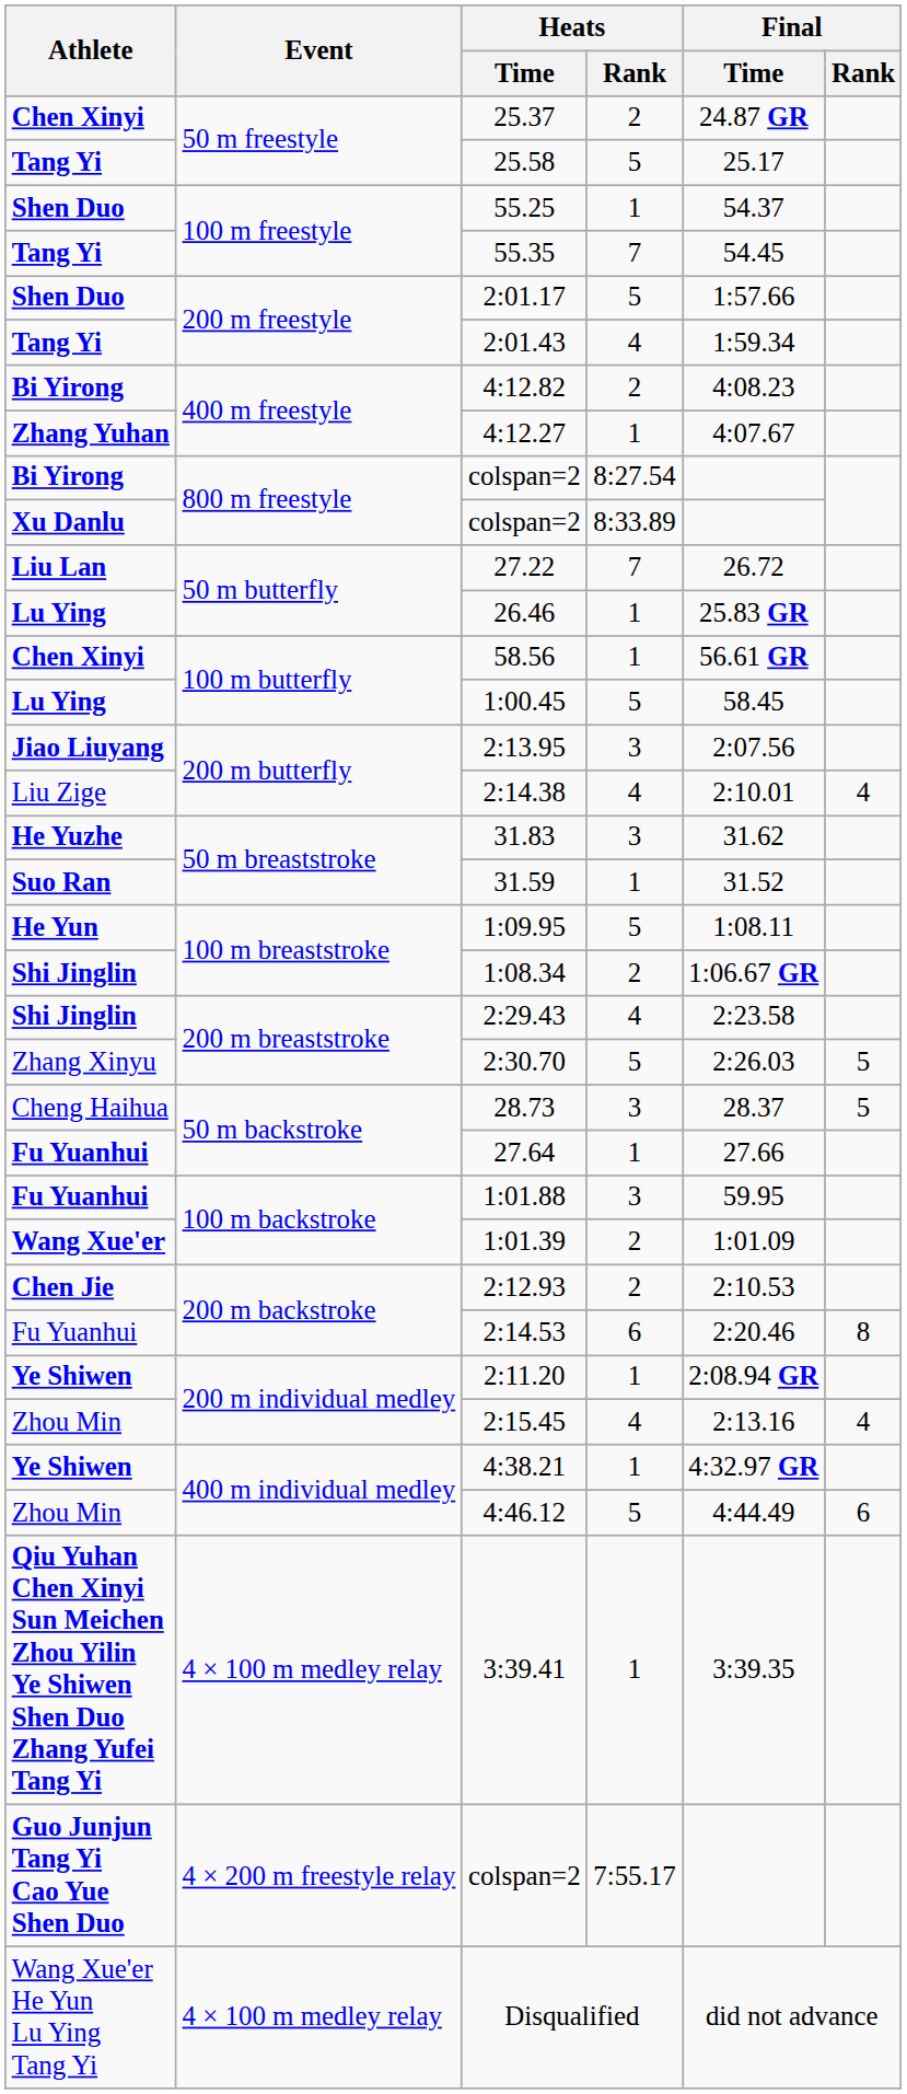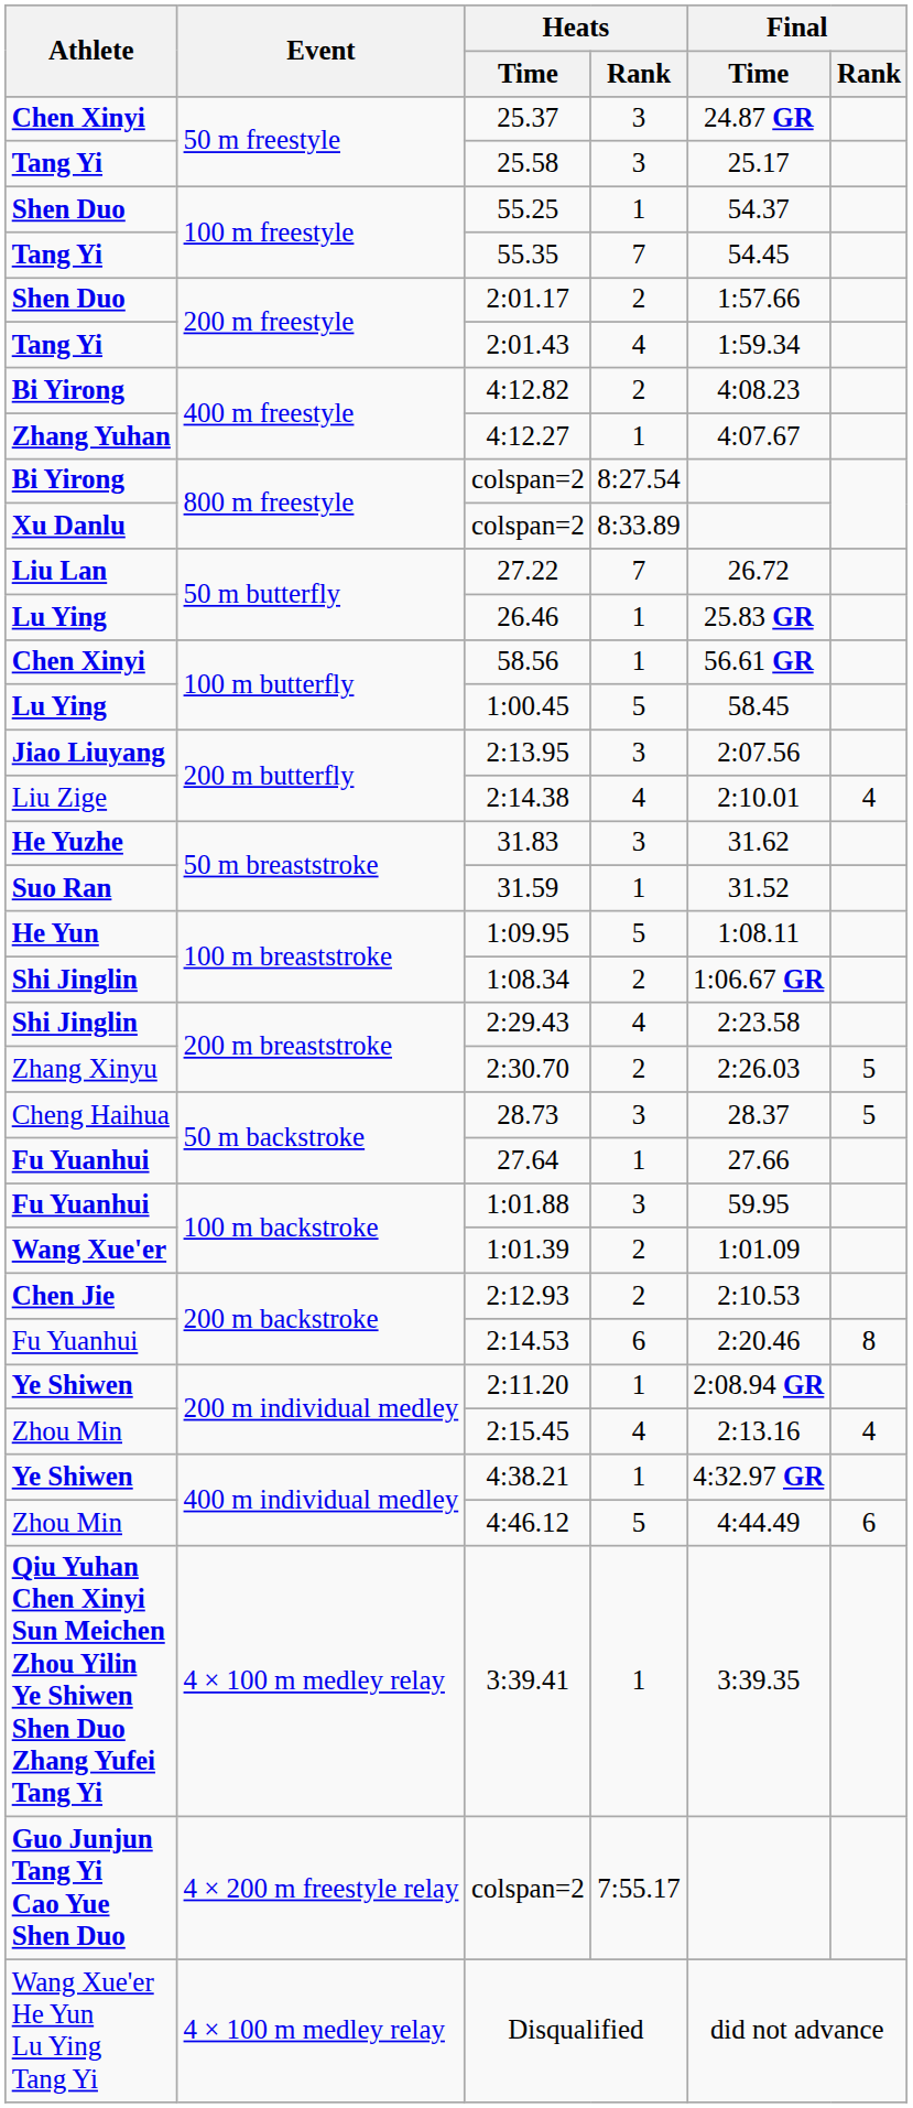 <table class="wikitable"style="text-align:center; font-size:90%">
 <tr>
 <th rowspan="2">Athlete</th>
 <th rowspan="2">Event</th>
 <th colspan="2">Heats</th>
 <th colspan="2">Final</th>
 </tr>
 <tr>
 <th>Time</th>
 <th>Rank</th>
 <th>Time</th>
 <th>Rank</th>
 </tr>
 <tr>
 <td align="left"><strong><a href='#'>Chen Xinyi</a></strong></td>
 <td rowspan="2" style="text-align:left;"><a href='#'>50 m freestyle</a></td>
 <td>25.37</td>
-<td>2 <strong></strong></td>
+<td>3 <strong></strong></td>
 <td>24.87 <strong><a href='#'>GR</a></strong></td>
 <td></td>
 </tr>
 <tr>
 <td align="left"><strong><a href='#'>Tang Yi</a></strong></td>
 <td>25.58</td>
-<td>5 <strong></strong></td>
+<td>3 <strong></strong></td>
 <td>25.17</td>
 <td></td>
 </tr>
 <tr>
 <td align="left"><strong><a href='#'>Shen Duo</a></strong></td>
 <td rowspan="2" style="text-align:left;"><a href='#'>100 m freestyle</a></td>
 <td>55.25</td>
 <td>1 <strong></strong></td>
 <td>54.37</td>
 <td></td>
 </tr>
 <tr>
 <td align="left"><strong><a href='#'>Tang Yi</a></strong></td>
 <td>55.35</td>
 <td>7 <strong></strong></td>
 <td>54.45</td>
 <td></td>
 </tr>
 <tr>
 <td align="left"><strong><a href='#'>Shen Duo</a></strong></td>
 <td rowspan="2" style="text-align:left;"><a href='#'>200 m freestyle</a></td>
 <td>2:01.17</td>
-<td>5 <strong></strong></td>
+<td>2 <strong></strong></td>
 <td>1:57.66</td>
 <td></td>
 </tr>
 <tr>
 <td align="left"><strong><a href='#'>Tang Yi</a></strong></td>
 <td>2:01.43</td>
 <td>4 <strong></strong></td>
 <td>1:59.34</td>
 <td></td>
 </tr>
 <tr>
 <td align="left"><strong><a href='#'>Bi Yirong</a></strong></td>
 <td rowspan="2" style="text-align:left;"><a href='#'>400 m freestyle</a></td>
 <td>4:12.82</td>
 <td>2 <strong></strong></td>
 <td>4:08.23</td>
 <td></td>
 </tr>
 <tr>
 <td align="left"><strong><a href='#'>Zhang Yuhan</a></strong></td>
 <td>4:12.27</td>
 <td>1 <strong></strong></td>
 <td>4:07.67</td>
 <td></td>
 </tr>
 <tr>
 <td align="left"><strong><a href='#'>Bi Yirong</a></strong></td>
 <td rowspan="2" style="text-align:left;"><a href='#'>800 m freestyle</a></td>
 <td>colspan=2 </td>
 <td>8:27.54</td>
 <td></td>
 </tr>
 <tr>
 <td align="left"><strong><a href='#'>Xu Danlu</a></strong></td>
 <td>colspan=2 </td>
 <td>8:33.89</td>
 <td></td>
 </tr>
 <tr>
 <td align="left"><strong><a href='#'>Liu Lan</a></strong></td>
 <td rowspan="2" style="text-align:left;"><a href='#'>50 m butterfly</a></td>
 <td>27.22</td>
 <td>7 <strong></strong></td>
 <td>26.72</td>
 <td></td>
 </tr>
 <tr>
 <td align="left"><strong><a href='#'>Lu Ying</a></strong></td>
 <td>26.46</td>
 <td>1 <strong></strong></td>
 <td>25.83 <strong><a href='#'>GR</a></strong></td>
 <td></td>
 </tr>
 <tr>
 <td align="left"><strong><a href='#'>Chen Xinyi</a></strong></td>
 <td rowspan="2" style="text-align:left;"><a href='#'>100 m butterfly</a></td>
 <td>58.56</td>
 <td>1 <strong></strong></td>
 <td>56.61 <strong><a href='#'>GR</a></strong></td>
 <td></td>
 </tr>
 <tr>
 <td align="left"><strong><a href='#'>Lu Ying</a></strong></td>
 <td>1:00.45</td>
 <td>5 <strong></strong></td>
 <td>58.45</td>
 <td></td>
 </tr>
 <tr>
 <td align="left"><strong><a href='#'>Jiao Liuyang</a></strong></td>
 <td rowspan="2" style="text-align:left;"><a href='#'>200 m butterfly</a></td>
 <td>2:13.95</td>
 <td>3 <strong></strong></td>
 <td>2:07.56</td>
 <td></td>
 </tr>
 <tr>
 <td align="left"><a href='#'>Liu Zige</a></td>
 <td>2:14.38</td>
 <td>4 <strong></strong></td>
 <td>2:10.01</td>
 <td>4</td>
 </tr>
 <tr>
 <td align="left"><strong><a href='#'>He Yuzhe</a></strong></td>
 <td rowspan="2" style="text-align:left;"><a href='#'>50 m breaststroke</a></td>
 <td>31.83</td>
 <td>3 <strong></strong></td>
 <td>31.62</td>
 <td></td>
 </tr>
 <tr>
 <td align="left"><strong><a href='#'>Suo Ran</a></strong></td>
 <td>31.59</td>
 <td>1 <strong></strong></td>
 <td>31.52</td>
 <td></td>
 </tr>
 <tr>
 <td align="left"><strong><a href='#'>He Yun</a></strong></td>
 <td rowspan="2" style="text-align:left;"><a href='#'>100 m breaststroke</a></td>
 <td>1:09.95</td>
 <td>5 <strong></strong></td>
 <td>1:08.11</td>
 <td></td>
 </tr>
 <tr>
 <td align="left"><strong><a href='#'>Shi Jinglin</a></strong></td>
 <td>1:08.34</td>
 <td>2 <strong></strong></td>
 <td>1:06.67 <strong><a href='#'>GR</a></strong></td>
 <td></td>
 </tr>
 <tr>
 <td align="left"><strong><a href='#'>Shi Jinglin</a></strong></td>
 <td rowspan="2" style="text-align:left;"><a href='#'>200 m breaststroke</a></td>
 <td>2:29.43</td>
 <td>4 <strong></strong></td>
 <td>2:23.58</td>
 <td></td>
 </tr>
 <tr>
 <td align="left"><a href='#'>Zhang Xinyu</a></td>
 <td>2:30.70</td>
-<td>5 <strong></strong></td>
+<td>2 <strong></strong></td>
 <td>2:26.03</td>
 <td>5</td>
 </tr>
 <tr>
 <td align="left"><a href='#'>Cheng Haihua</a></td>
 <td rowspan="2" style="text-align:left;"><a href='#'>50 m backstroke</a></td>
 <td>28.73</td>
 <td>3 <strong></strong></td>
 <td>28.37</td>
 <td>5</td>
 </tr>
 <tr>
 <td align="left"><strong><a href='#'>Fu Yuanhui</a></strong></td>
 <td>27.64</td>
 <td>1 <strong></strong></td>
 <td>27.66</td>
 <td></td>
 </tr>
 <tr>
 <td align="left"><strong><a href='#'>Fu Yuanhui</a></strong></td>
 <td rowspan="2" style="text-align:left;"><a href='#'>100 m backstroke</a></td>
 <td>1:01.88</td>
 <td>3 <strong></strong></td>
 <td>59.95</td>
 <td></td>
 </tr>
 <tr>
 <td align="left"><strong><a href='#'>Wang Xue'er</a></strong></td>
 <td>1:01.39</td>
 <td>2 <strong></strong></td>
 <td>1:01.09</td>
 <td></td>
 </tr>
 <tr>
 <td align="left"><strong><a href='#'>Chen Jie</a></strong></td>
 <td rowspan="2" style="text-align:left;"><a href='#'>200 m backstroke</a></td>
 <td>2:12.93</td>
 <td>2 <strong></strong></td>
 <td>2:10.53</td>
 <td></td>
 </tr>
 <tr>
 <td align="left"><a href='#'>Fu Yuanhui</a></td>
 <td>2:14.53</td>
 <td>6 <strong></strong></td>
 <td>2:20.46</td>
 <td>8</td>
 </tr>
 <tr>
 <td align="left"><strong><a href='#'>Ye Shiwen</a></strong></td>
 <td rowspan="2" style="text-align:left;"><a href='#'>200 m individual medley</a></td>
 <td>2:11.20</td>
 <td>1 <strong></strong></td>
 <td>2:08.94 <strong><a href='#'>GR</a></strong></td>
 <td></td>
 </tr>
 <tr>
 <td align="left"><a href='#'>Zhou Min</a></td>
 <td>2:15.45</td>
 <td>4 <strong></strong></td>
 <td>2:13.16</td>
 <td>4</td>
 </tr>
 <tr>
 <td align="left"><strong><a href='#'>Ye Shiwen</a></strong></td>
 <td rowspan="2" style="text-align:left;"><a href='#'>400 m individual medley</a></td>
 <td>4:38.21</td>
 <td>1 <strong></strong></td>
 <td>4:32.97 <strong><a href='#'>GR</a></strong></td>
 <td></td>
 </tr>
 <tr>
 <td align="left"><a href='#'>Zhou Min</a></td>
 <td>4:46.12</td>
 <td>5 <strong></strong></td>
 <td>4:44.49</td>
 <td>6</td>
 </tr>
 <tr>
 <td align="left"><strong><a href='#'>Qiu Yuhan</a><br><a href='#'>Chen Xinyi</a><br><a href='#'>Sun Meichen</a><br><a href='#'>Zhou Yilin</a><br><a href='#'>Ye Shiwen</a><br><a href='#'>Shen Duo</a><br><a href='#'>Zhang Yufei</a><br><a href='#'>Tang Yi</a></strong></td>
 <td align="left"><a href='#'>4 × 100 m medley relay</a></td>
 <td>3:39.41</td>
 <td>1 <strong></strong></td>
 <td>3:39.35</td>
 <td></td>
 </tr>
 <tr>
 <td align="left"><strong><a href='#'>Guo Junjun</a><br><a href='#'>Tang Yi</a><br><a href='#'>Cao Yue</a><br><a href='#'>Shen Duo</a></strong></td>
 <td align="left"><a href='#'>4 × 200 m freestyle relay</a></td>
 <td>colspan=2 </td>
 <td>7:55.17</td>
 <td></td>
 </tr>
 <tr>
 <td align="left"><a href='#'>Wang Xue'er</a><br><a href='#'>He Yun</a><br><a href='#'>Lu Ying</a><br><a href='#'>Tang Yi</a></td>
 <td align="left"><a href='#'>4 × 100 m medley relay</a></td>
 <td colspan=2>Disqualified</td>
 <td colspan=2>did not advance</td>
 </tr>
 </table>
